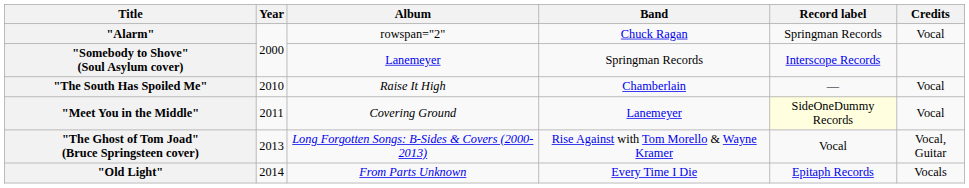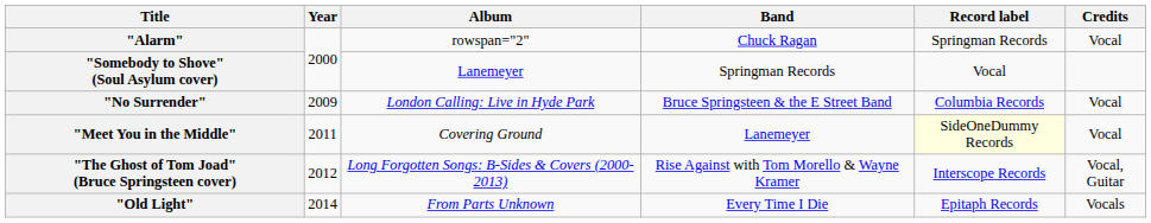 <table class="wikitable plainrowheaders" style="text-align:center;" border="1">
 <tr>
 <th scope="col" style="width:20em;">Title</th>
 <th scope="col" style="width:1em;">Year</th>
 <th scope="col">Album</th>
 <th scope="col">Band</th>
 <th scope="col">Record label</th>
 <th scope="col">Credits</th>
 </tr>
 <tr>
 <th scope="row">"Alarm"</th>
 <td rowspan="2">2000</td>
 <td>rowspan="2" </td>
 <td><a href='#'>Chuck Ragan</a></td>
 <td>Springman Records</td>
 <td>Vocal</td>
 </tr>
 <tr>
 <th scope="row">"Somebody to Shove"<br><span>(Soul Asylum cover)</span></th>
 <td><a href='#'>Lanemeyer</a></td>
 <td>Springman Records</td>
-<td><a href='#'>Interscope Records</a></td>
+<td>Vocal</td>
 </tr>
 <tr>
-<th scope="row">"The South Has Spoiled Me"</th>
-<td>2010</td>
-<td><em>Raise It High</em></td>
-<td><a href='#'>Chamberlain</a></td>
-<td>—</td>
+<th scope="row">"No Surrender"</th>
+<td>2009</td>
+<td><em><a href='#'>London Calling: Live in Hyde Park</a></em></td>
+<td><a href='#'>Bruce Springsteen & the E Street Band</a></td>
+<td><a href='#'>Columbia Records</a></td>
 <td>Vocal</td>
 </tr>
 <tr>
 <th scope="row">"Meet You in the Middle"</th>
 <td>2011</td>
 <td><em>Covering Ground</em></td>
 <td><a href='#'>Lanemeyer</a></td>
 <td style="background: lightyellow;">SideOneDummy Records</td>
 <td>Vocal</td>
 </tr>
 <tr>
 <th scope="row">"The Ghost of Tom Joad"<br><span>(Bruce Springsteen cover)</span></th>
-<td>2013</td>
+<td>2012</td>
 <td><em><a href='#'>Long Forgotten Songs: B-Sides & Covers (2000-2013)</a></em></td>
 <td><a href='#'>Rise Against</a> with <a href='#'>Tom Morello</a> & <a href='#'>Wayne Kramer</a></td>
-<td>Vocal</td>
+<td><a href='#'>Interscope Records</a></td>
 <td>Vocal, Guitar</td>
 </tr>
 <tr>
 <th scope="row">"Old Light"</th>
 <td>2014</td>
 <td><em><a href='#'>From Parts Unknown</a></em></td>
 <td><a href='#'>Every Time I Die</a></td>
 <td><a href='#'>Epitaph Records</a></td>
 <td>Vocals</td>
 </tr>
 </table>
